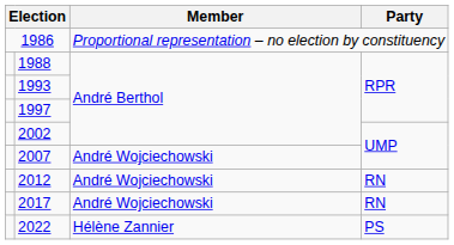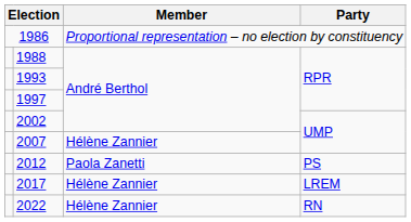 <table class="wikitable">
 <tr>
 <th colspan="2">Election</th>
 <th>Member</th>
 <th>Party</th>
 </tr>
 <tr>
 <td colspan="2" align="center"><a href='#'>1986</a></td>
 <td colspan="2"><em><a href='#'>Proportional representation</a> – no election by constituency</em></td>
 </tr>
 <tr>
 <td style="color:inherit;background-color: "></td>
 <td><a href='#'>1988</a></td>
 <td rowspan="4"><a href='#'>André Berthol</a></td>
 <td rowspan="3"><a href='#'>RPR</a></td>
 </tr>
 <tr>
 <td style="color:inherit;background-color: "></td>
 <td><a href='#'>1993</a></td>
 </tr>
 <tr>
 <td style="color:inherit;background-color: "></td>
 <td><a href='#'>1997</a></td>
 </tr>
 <tr>
 <td style="color:inherit;background-color: "></td>
 <td><a href='#'>2002</a></td>
 <td rowspan="2"><a href='#'>UMP</a></td>
 </tr>
 <tr>
 <td style="color:inherit;background-color: "></td>
 <td><a href='#'>2007</a></td>
-<td><a href='#'>André Wojciechowski</a></td>
+<td><a href='#'>Hélène Zannier</a></td>
 </tr>
 <tr>
 <td style="color:inherit;background-color: "></td>
 <td><a href='#'>2012</a></td>
-<td><a href='#'>André Wojciechowski</a></td>
-<td><a href='#'>RN</a></td>
+<td><a href='#'>Paola Zanetti</a></td>
+<td><a href='#'>PS</a></td>
 </tr>
 <tr>
 <td style="color:inherit;background-color: "></td>
 <td><a href='#'>2017</a></td>
-<td><a href='#'>André Wojciechowski</a></td>
-<td><a href='#'>RN</a></td>
+<td><a href='#'>Hélène Zannier</a></td>
+<td><a href='#'>LREM</a></td>
 </tr>
 <tr>
 <td style="color:inherit;background-color: "></td>
 <td><a href='#'>2022</a></td>
 <td><a href='#'>Hélène Zannier</a></td>
-<td><a href='#'>PS</a></td>
+<td><a href='#'>RN</a></td>
 </tr>
 </table>
